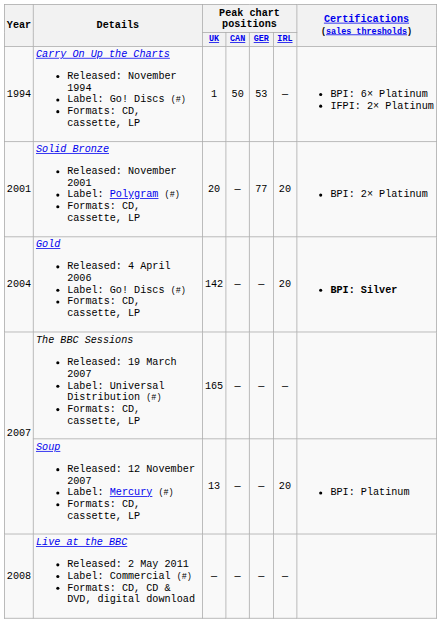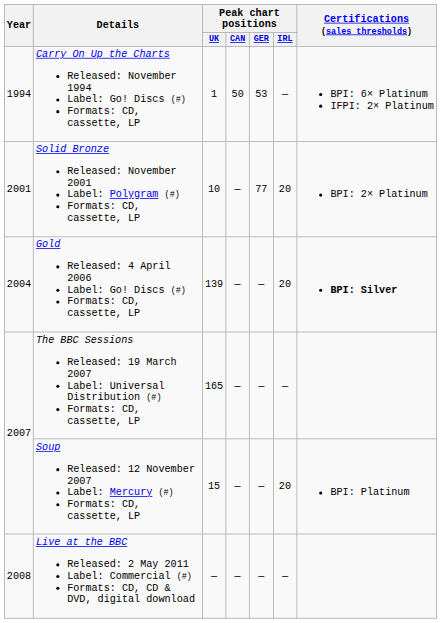 <table class="wikitable" style="text-align:center;">
 <tr>
 <th rowspan="2">Year</th>
 <th width="210" rowspan="2">Details</th>
 <th colspan="4">Peak chart positions</th>
 <th rowspan="2"><a href='#'>Certifications</a><br><small>(<a href='#'>sales thresholds</a>)</small></th>
 </tr>
 <tr style="font-size:smaller">
 <th width="25"><a href='#'>UK</a><br></th>
 <th width="25"><a href='#'>CAN</a><br></th>
 <th width="25"><a href='#'>GER</a><br></th>
 <th width="25"><a href='#'>IRL</a><br></th>
 </tr>
 <tr>
 <td>1994</td>
 <td align="left"><em><a href='#'>Carry On Up the Charts</a></em><br><ul><li>Released: November 1994</li><li>Label: Go! Discs <small>(#)</small></li><li>Formats: CD, cassette, LP</li></ul></td>
 <td>1</td>
 <td>50</td>
 <td>53</td>
 <td>—</td>
 <td align="left"><br><ul><li>BPI: 6× Platinum</li><li>IFPI: 2× Platinum</li></ul></td>
 </tr>
 <tr>
 <td>2001</td>
 <td align="left"><em><a href='#'>Solid Bronze</a></em><br><ul><li>Released: November 2001</li><li>Label: <a href='#'>Polygram</a> <small>(#)</small></li><li>Formats: CD, cassette, LP</li></ul></td>
-<td>20</td>
+<td>10</td>
 <td>—</td>
 <td>77</td>
 <td>20</td>
 <td align="left"><br><ul><li>BPI: 2× Platinum</li></ul></td>
 </tr>
 <tr>
 <td>2004</td>
 <td align="left"><em><a href='#'>Gold</a></em><br><ul><li>Released: 4 April 2006</li><li>Label: Go! Discs <small>(#)</small></li><li>Formats: CD, cassette, LP</li></ul></td>
-<td>142</td>
+<td>139</td>
 <td>—</td>
 <td>—</td>
 <td>20</td>
 <td align="left"><strong><br><ul><li>BPI: Silver</li></ul></strong></td>
 </tr>
 <tr>
 <td rowspan="2">2007</td>
 <td align="left"><em>The BBC Sessions</em><br><ul><li>Released: 19 March 2007</li><li>Label: Universal Distribution <small>(#)</small></li><li>Formats: CD, cassette, LP</li></ul></td>
 <td>165</td>
 <td>—</td>
 <td>—</td>
 <td>—</td>
 <td align="left"></td>
 </tr>
 <tr>
 <td align="left"><em><a href='#'>Soup</a></em><br><ul><li>Released: 12 November 2007</li><li>Label: <a href='#'>Mercury</a> <small>(#)</small></li><li>Formats: CD, cassette, LP</li></ul></td>
-<td>13</td>
+<td>15</td>
 <td>—</td>
 <td>—</td>
 <td>20</td>
 <td align="left"><br><ul><li>BPI: Platinum</li></ul></td>
 </tr>
 <tr>
 <td>2008</td>
 <td align="left"><em><a href='#'>Live at the BBC</a></em><br><ul><li>Released: 2 May 2011</li><li>Label: Commercial <small>(#)</small></li><li>Formats: CD, CD & DVD, digital download</li></ul></td>
 <td>—</td>
 <td>—</td>
 <td>—</td>
 <td>—</td>
 <td align="left"></td>
 </tr>
 </table>
